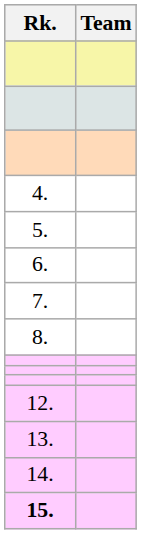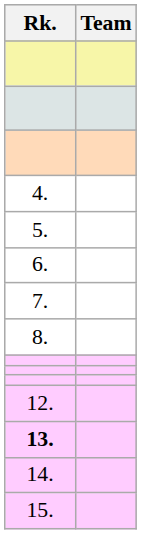 <table class="wikitable" style="border:1px solid #AAAAAA;font-size:90%">
 <tr bgcolor="#E4E4E4">
 <th style="border-bottom:1px solid #AAAAAA" width=40>Rk.</th>
 <th style="border-bottom:1px solid #AAAAAA">Team</th>
 </tr>
 <tr bgcolor="#F7F6A8">
 <td align="center" style="height:23px"></td>
 <td><strong></strong></td>
 </tr>
 <tr bgcolor="#DCE5E5">
 <td align="center" style="height:23px"></td>
 <td></td>
 </tr>
 <tr bgcolor="#FFDAB9">
 <td align="center" style="height:23px"></td>
 <td></td>
 </tr>
 <tr style="background:#ffffff;">
 <td align="center">4.</td>
 <td></td>
 </tr>
 <tr style="background:#ffffff;">
 <td align="center">5.</td>
 <td></td>
 </tr>
 <tr style="background:#ffffff;">
 <td align="center">6.</td>
 <td></td>
 </tr>
 <tr style="background:#ffffff;">
 <td align="center">7.</td>
 <td></td>
 </tr>
 <tr style="background:#ffffff;">
 <td align="center">8.</td>
 <td></td>
 </tr>
 <tr style="background:#ffccff;">
 <td align="center"></td>
 <td><strong></strong></td>
 </tr>
 <tr style="background:#ffccff;">
 <td align="center"></td>
 <td></td>
 </tr>
 <tr style="background:#ffccff;">
 <td align="center"></td>
 <td></td>
 </tr>
 <tr style="background:#ffccff;">
 <td align="center">12.</td>
 <td></td>
 </tr>
 <tr style="background:#ffccff;">
-<td align="center">13.</td>
+<td align="center"><strong>13.</strong></td>
 <td></td>
 </tr>
 <tr style="background:#ffccff;">
 <td align="center">14.</td>
 <td></td>
 </tr>
 <tr style="background:#ffccff;">
-<td align="center"><strong>15.</strong></td>
+<td align="center">15.</td>
 <td></td>
 </tr>
 </table>
